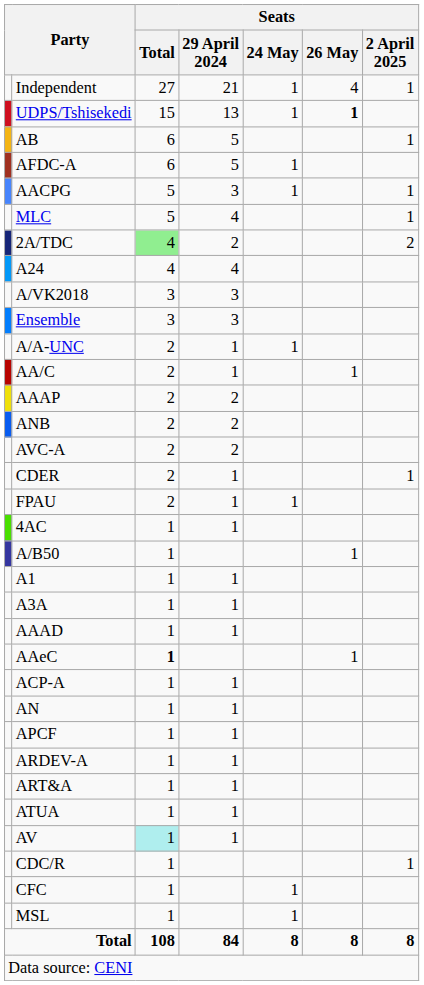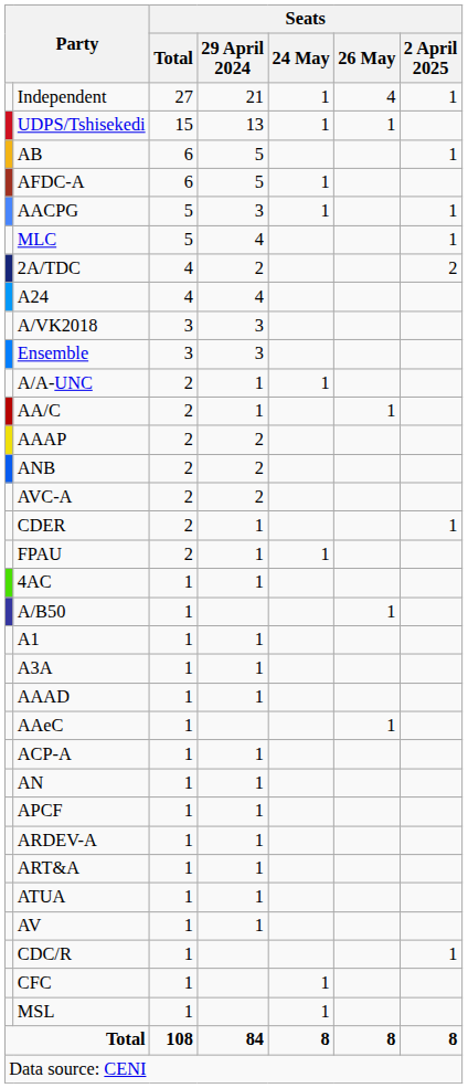 <table class="wikitable sortable static-row-numbers">
 <tr>
 <th rowspan=2 colspan=2>Party</th>
 <th colspan=6>Seats</th>
 </tr>
 <tr>
 <th>Total</th>
 <th>29 April<br>2024</th>
 <th>24 May</th>
 <th>26 May</th>
 <th>2 April<br>2025</th>
 </tr>
 <tr style="text-align:right;">
 <td bgcolor=></td>
 <td style="text-align:left;">Independent</td>
 <td>27</td>
 <td>21</td>
 <td>1</td>
 <td>4</td>
 <td>1</td>
 </tr>
 <tr style="text-align:right;">
 <td bgcolor=#CF1020></td>
 <td style="text-align:left;"><a href='#'>UDPS/Tshisekedi</a></td>
 <td>15</td>
 <td>13</td>
 <td>1</td>
-<td><strong>1</strong></td>
+<td>1</td>
 <td></td>
 </tr>
 <tr style="text-align:right;">
 <td bgcolor=#f4b515></td>
 <td style="text-align:left;">AB</td>
 <td>6</td>
 <td>5</td>
 <td></td>
 <td></td>
 <td>1</td>
 </tr>
 <tr style="text-align:right;">
 <td bgcolor=#a03020></td>
 <td style="text-align:left;">AFDC-A</td>
 <td>6</td>
 <td>5</td>
 <td>1</td>
 <td></td>
 <td></td>
 </tr>
 <tr style="text-align:right;">
 <td bgcolor=#4785fd></td>
 <td style="text-align:left;">AACPG</td>
 <td>5</td>
 <td>3</td>
 <td>1</td>
 <td></td>
 <td>1</td>
 </tr>
 <tr style="text-align:right;">
 <td bgcolor=></td>
 <td style="text-align:left;"><a href='#'>MLC</a></td>
 <td>5</td>
 <td>4</td>
 <td></td>
 <td></td>
 <td>1</td>
 </tr>
 <tr style="text-align:right;">
 <td bgcolor=#162578></td>
 <td style="text-align:left;">2A/TDC</td>
-<td style="background: lightgreen;">4</td>
+<td>4</td>
 <td>2</td>
 <td></td>
 <td></td>
 <td>2</td>
 </tr>
 <tr style="text-align:right;">
 <td bgcolor=#0399f9></td>
 <td style="text-align:left;">A24</td>
 <td>4</td>
 <td>4</td>
 <td></td>
 <td></td>
 <td></td>
 </tr>
 <tr style="text-align:right;">
 <td bgcolor=></td>
 <td style="text-align:left;">A/VK2018</td>
 <td>3</td>
 <td>3</td>
 <td></td>
 <td></td>
 <td></td>
 </tr>
 <tr style="text-align:right;">
 <td bgcolor=#037efd></td>
 <td style="text-align:left;"><a href='#'>Ensemble</a></td>
 <td>3</td>
 <td>3</td>
 <td></td>
 <td></td>
 <td></td>
 </tr>
 <tr style="text-align:right;">
 <td bgcolor=></td>
 <td style="text-align:left;">A/A-<a href='#'>UNC</a></td>
 <td>2</td>
 <td>1</td>
 <td>1</td>
 <td></td>
 <td></td>
 </tr>
 <tr style="text-align:right;">
 <td bgcolor=#b70400></td>
 <td style="text-align:left;">AA/C</td>
 <td>2</td>
 <td>1</td>
 <td></td>
 <td>1</td>
 <td></td>
 </tr>
 <tr style="text-align:right;">
 <td bgcolor=#efe00b></td>
 <td style="text-align:left;">AAAP</td>
 <td>2</td>
 <td>2</td>
 <td></td>
 <td></td>
 <td></td>
 </tr>
 <tr style="text-align:right;">
 <td bgcolor=#085cf0></td>
 <td style="text-align:left;">ANB</td>
 <td>2</td>
 <td>2</td>
 <td></td>
 <td></td>
 <td></td>
 </tr>
 <tr style="text-align:right;">
 <td bgcolor=></td>
 <td style="text-align:left;">AVC-A</td>
 <td>2</td>
 <td>2</td>
 <td></td>
 <td></td>
 <td></td>
 </tr>
 <tr style="text-align:right;">
 <td bgcolor=></td>
 <td style="text-align:left;">CDER</td>
 <td>2</td>
 <td>1</td>
 <td></td>
 <td></td>
 <td>1</td>
 </tr>
 <tr style="text-align:right;">
 <td bgcolor=></td>
 <td style="text-align:left;">FPAU</td>
 <td>2</td>
 <td>1</td>
 <td>1</td>
 <td></td>
 <td></td>
 </tr>
 <tr style="text-align:right;">
 <td bgcolor=#49df00></td>
 <td style="text-align:left;">4AC</td>
 <td>1</td>
 <td>1</td>
 <td></td>
 <td></td>
 <td></td>
 </tr>
 <tr style="text-align:right;">
 <td bgcolor=#3536a0></td>
 <td style="text-align:left;">A/B50</td>
 <td>1</td>
 <td></td>
 <td></td>
 <td>1</td>
 <td></td>
 </tr>
 <tr style="text-align:right;">
 <td bgcolor=></td>
 <td style="text-align:left;">A1</td>
 <td>1</td>
 <td>1</td>
 <td></td>
 <td></td>
 <td></td>
 </tr>
 <tr style="text-align:right;">
 <td bgcolor=></td>
 <td style="text-align:left;">A3A</td>
 <td>1</td>
 <td>1</td>
 <td></td>
 <td></td>
 <td></td>
 </tr>
 <tr style="text-align:right;">
 <td bgcolor=></td>
 <td style="text-align:left;">AAAD</td>
 <td>1</td>
 <td>1</td>
 <td></td>
 <td></td>
 <td></td>
 </tr>
 <tr style="text-align:right;">
 <td bgcolor=></td>
 <td style="text-align:left;">AAeC</td>
-<td><strong>1</strong></td>
+<td>1</td>
 <td></td>
 <td></td>
 <td>1</td>
 <td></td>
 </tr>
 <tr style="text-align:right;">
 <td bgcolor=></td>
 <td style="text-align:left;">ACP-A</td>
 <td>1</td>
 <td>1</td>
 <td></td>
 <td></td>
 <td></td>
 </tr>
 <tr style="text-align:right;">
 <td bgcolor=></td>
 <td style="text-align:left;">AN</td>
 <td>1</td>
 <td>1</td>
 <td></td>
 <td></td>
 <td></td>
 </tr>
 <tr style="text-align:right;">
 <td bgcolor=></td>
 <td style="text-align:left;">APCF</td>
 <td>1</td>
 <td>1</td>
 <td></td>
 <td></td>
 <td></td>
 </tr>
 <tr style="text-align:right;">
 <td bgcolor=></td>
 <td style="text-align:left;">ARDEV-A</td>
 <td>1</td>
 <td>1</td>
 <td></td>
 <td></td>
 <td></td>
 </tr>
 <tr style="text-align:right;">
 <td bgcolor=></td>
 <td style="text-align:left;">ART&A</td>
 <td>1</td>
 <td>1</td>
 <td></td>
 <td></td>
 <td></td>
 </tr>
 <tr style="text-align:right;">
 <td bgcolor=></td>
 <td style="text-align:left;">ATUA</td>
 <td>1</td>
 <td>1</td>
 <td></td>
 <td></td>
 <td></td>
 </tr>
 <tr style="text-align:right;">
 <td bgcolor=></td>
 <td style="text-align:left;">AV</td>
-<td style="background: paleturquoise;">1</td>
+<td>1</td>
 <td>1</td>
 <td></td>
 <td></td>
 <td></td>
 </tr>
 <tr style="text-align:right;">
 <td bgcolor=></td>
 <td style="text-align:left;">CDC/R</td>
 <td>1</td>
 <td></td>
 <td></td>
 <td></td>
 <td>1</td>
 </tr>
 <tr style="text-align:right;">
 <td bgcolor=></td>
 <td style="text-align:left;">CFC</td>
 <td>1</td>
 <td></td>
 <td>1</td>
 <td></td>
 <td></td>
 </tr>
 <tr style="text-align:right;">
 <td bgcolor=></td>
 <td style="text-align:left;">MSL</td>
 <td>1</td>
 <td></td>
 <td>1</td>
 <td></td>
 <td></td>
 </tr>
 <tr class="sortbottom static-row-header" style="text-align:right; font-weight: bold;">
 <td colspan=2>Total</td>
 <td>108</td>
 <td>84</td>
 <td>8</td>
 <td>8</td>
 <td>8</td>
 </tr>
 <tr class="sortbottom static-row-header">
 <td colspan=7>Data source: <a href='#'>CENI</a></td>
 </tr>
 </table>
